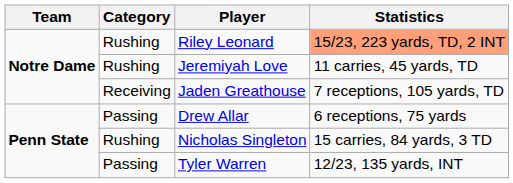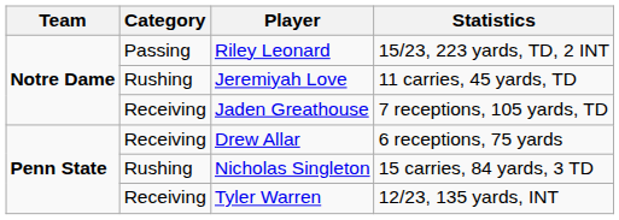 <table class="wikitable" style="float: right;">
 <tr>
 <th>Team</th>
 <th>Category</th>
 <th>Player</th>
 <th>Statistics</th>
 </tr>
 <tr>
 <td rowspan=3><strong>Notre Dame</strong></td>
-<td>Rushing</td>
+<td>Passing</td>
 <td><a href='#'>Riley Leonard</a></td>
-<td style="background: lightsalmon;">15/23, 223 yards, TD, 2 INT</td>
+<td>15/23, 223 yards, TD, 2 INT</td>
 </tr>
 <tr>
 <td>Rushing</td>
 <td><a href='#'>Jeremiyah Love</a></td>
 <td>11 carries, 45 yards, TD</td>
 </tr>
 <tr>
 <td>Receiving</td>
 <td><a href='#'>Jaden Greathouse</a></td>
 <td>7 receptions, 105 yards, TD</td>
 </tr>
 <tr>
 <td rowspan=3><strong>Penn State</strong></td>
-<td>Passing</td>
+<td>Receiving</td>
 <td><a href='#'>Drew Allar</a></td>
 <td>6 receptions, 75 yards</td>
 </tr>
 <tr>
 <td>Rushing</td>
 <td><a href='#'>Nicholas Singleton</a></td>
 <td>15 carries, 84 yards, 3 TD</td>
 </tr>
 <tr>
-<td>Passing</td>
+<td>Receiving</td>
 <td><a href='#'>Tyler Warren</a></td>
 <td>12/23, 135 yards, INT</td>
 </tr>
 </table>
